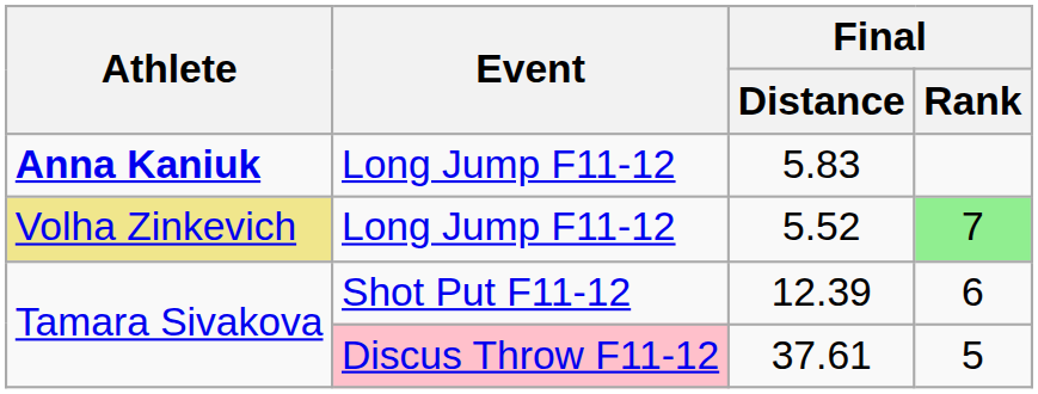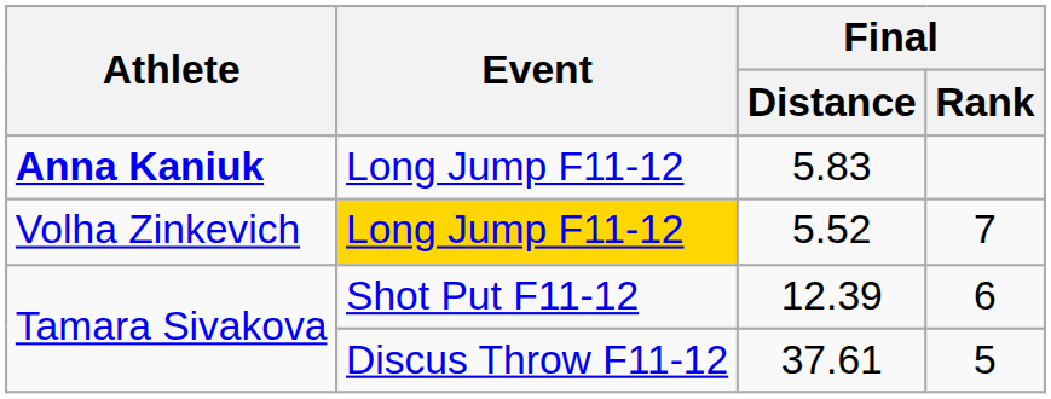 <table class="wikitable">
 <tr>
 <th rowspan="2">Athlete</th>
 <th rowspan="2">Event</th>
 <th colspan="2">Final</th>
 </tr>
 <tr>
 <th>Distance</th>
 <th>Rank</th>
 </tr>
 <tr align=center>
 <td align=left><strong><a href='#'>Anna Kaniuk</a></strong></td>
 <td align=left><a href='#'>Long Jump F11-12</a></td>
 <td>5.83</td>
 <td></td>
 </tr>
 <tr align=center>
-<td align=left style="background: khaki;"><a href='#'>Volha Zinkevich</a></td>
-<td align=left><a href='#'>Long Jump F11-12</a></td>
+<td align=left><a href='#'>Volha Zinkevich</a></td>
+<td align=left style="background: gold;"><a href='#'>Long Jump F11-12</a></td>
 <td>5.52</td>
-<td style="background: lightgreen;">7</td>
+<td>7</td>
 </tr>
 <tr align=center>
 <td align=left rowspan=2><a href='#'>Tamara Sivakova</a></td>
 <td align=left><a href='#'>Shot Put F11-12</a></td>
 <td>12.39</td>
 <td>6</td>
 </tr>
 <tr align=center>
-<td align=left style="background: pink;"><a href='#'>Discus Throw F11-12</a></td>
+<td align=left><a href='#'>Discus Throw F11-12</a></td>
 <td>37.61</td>
 <td>5</td>
 </tr>
 </table>
